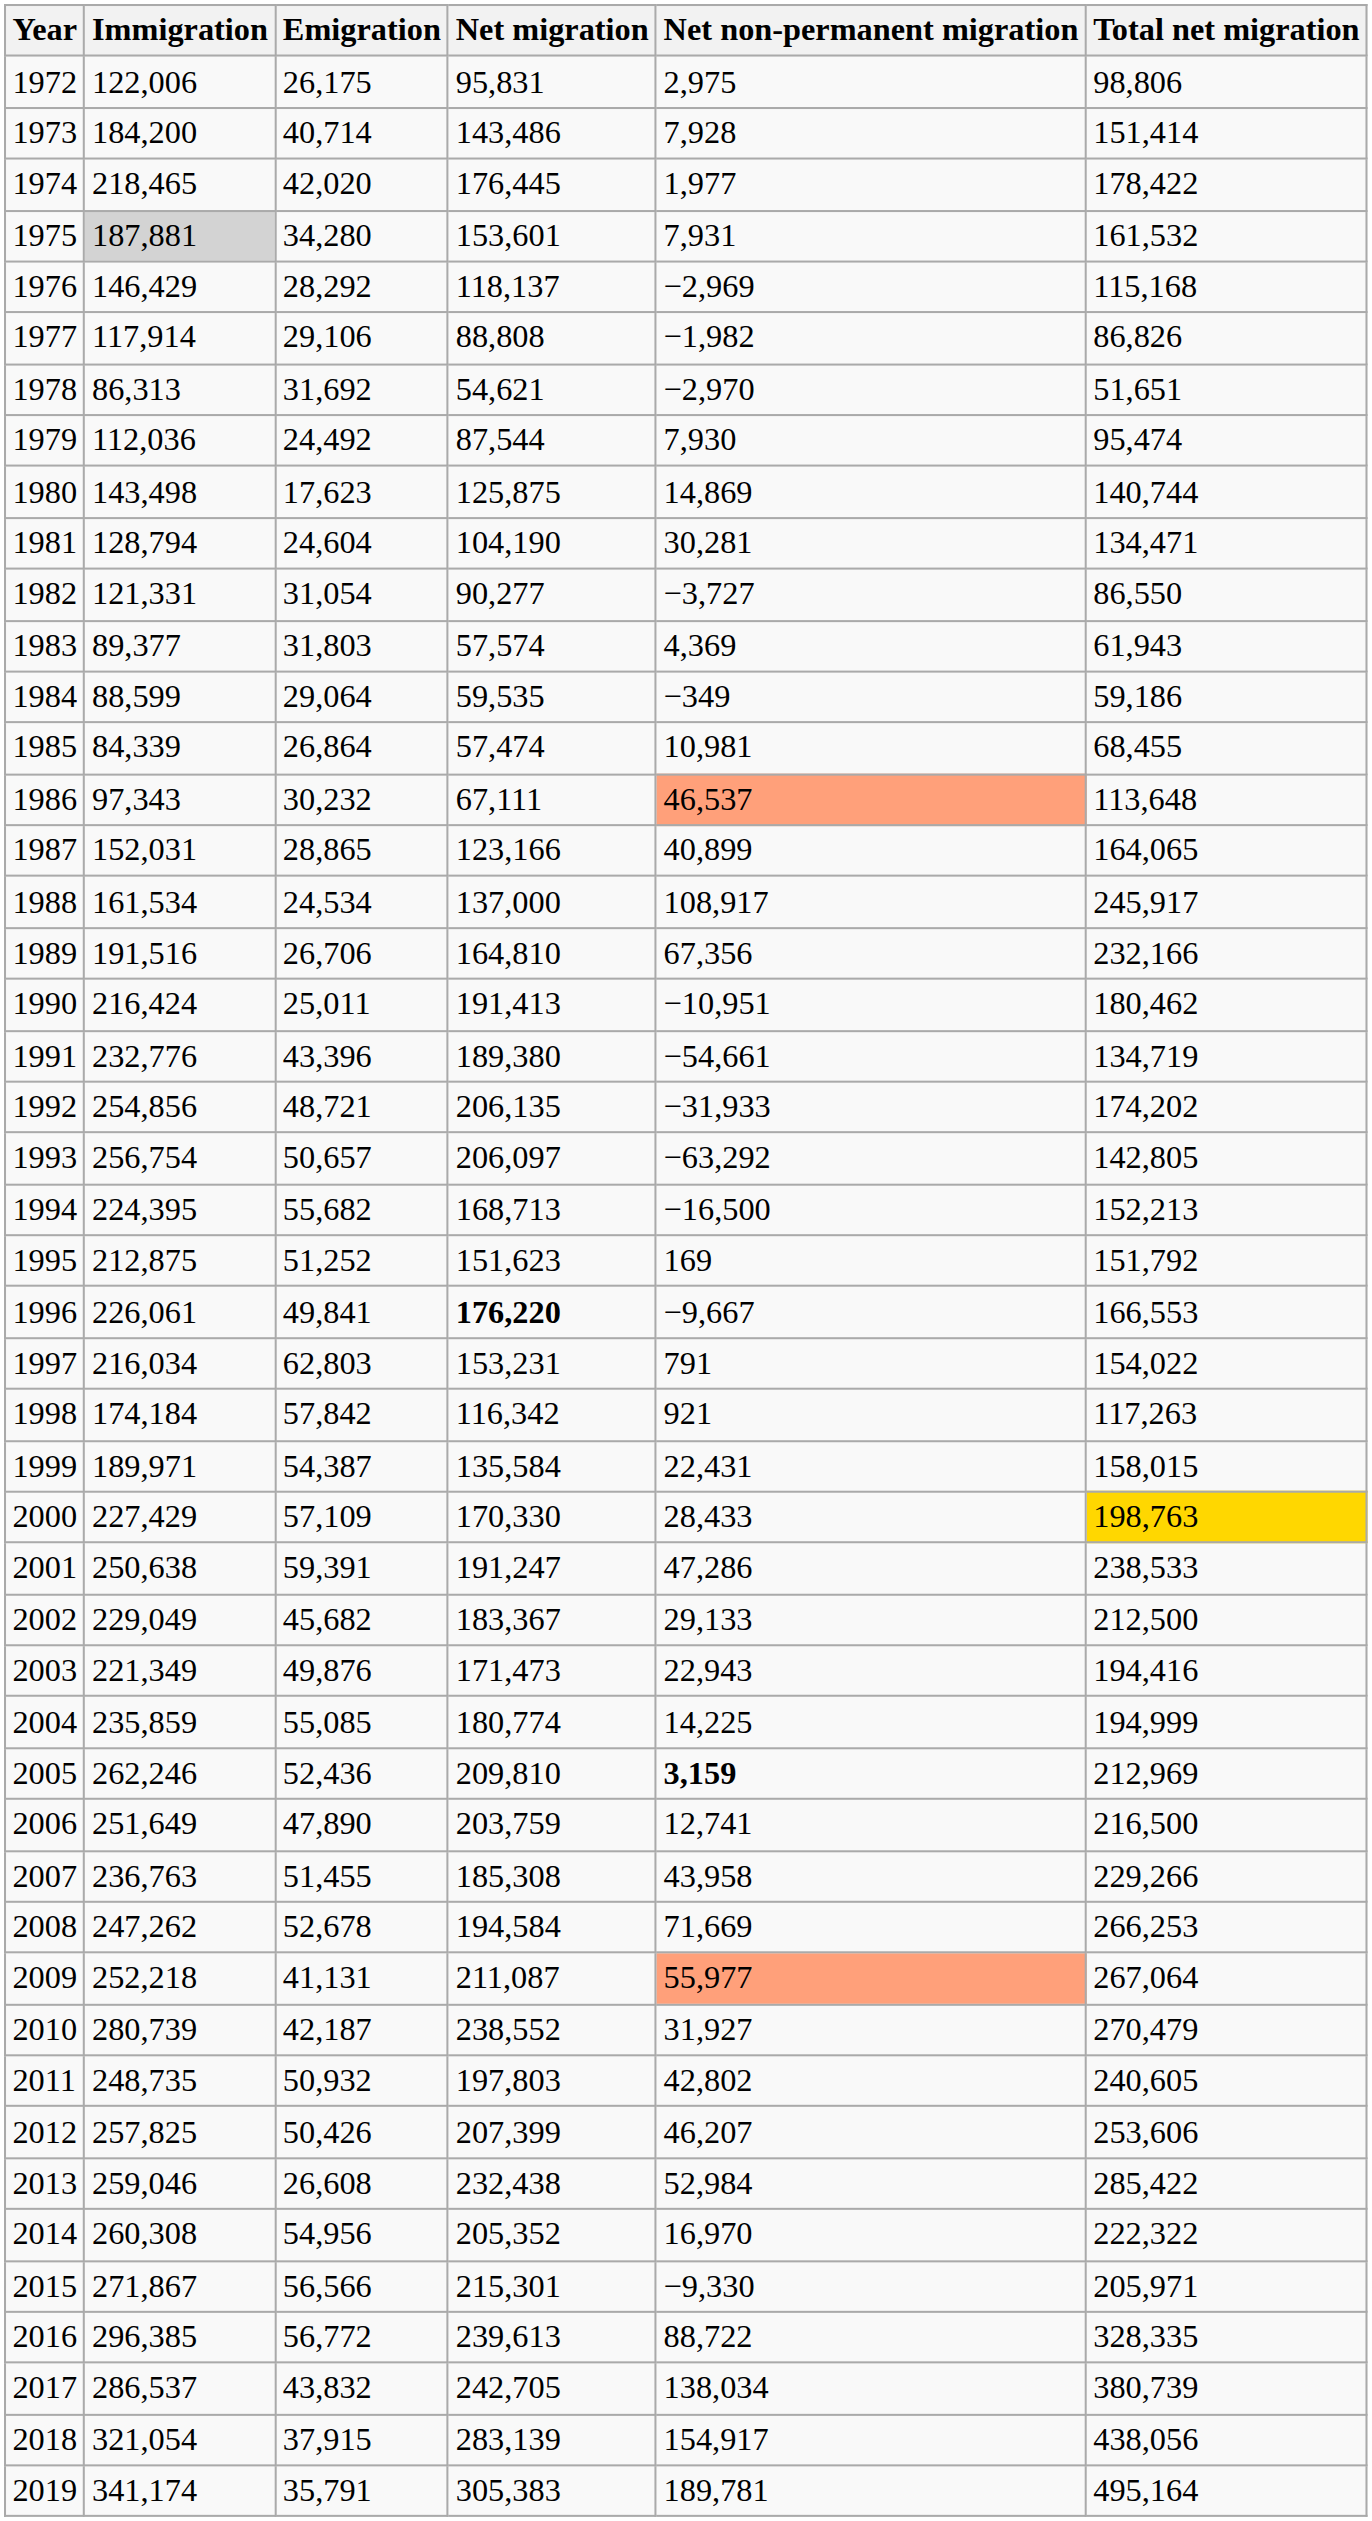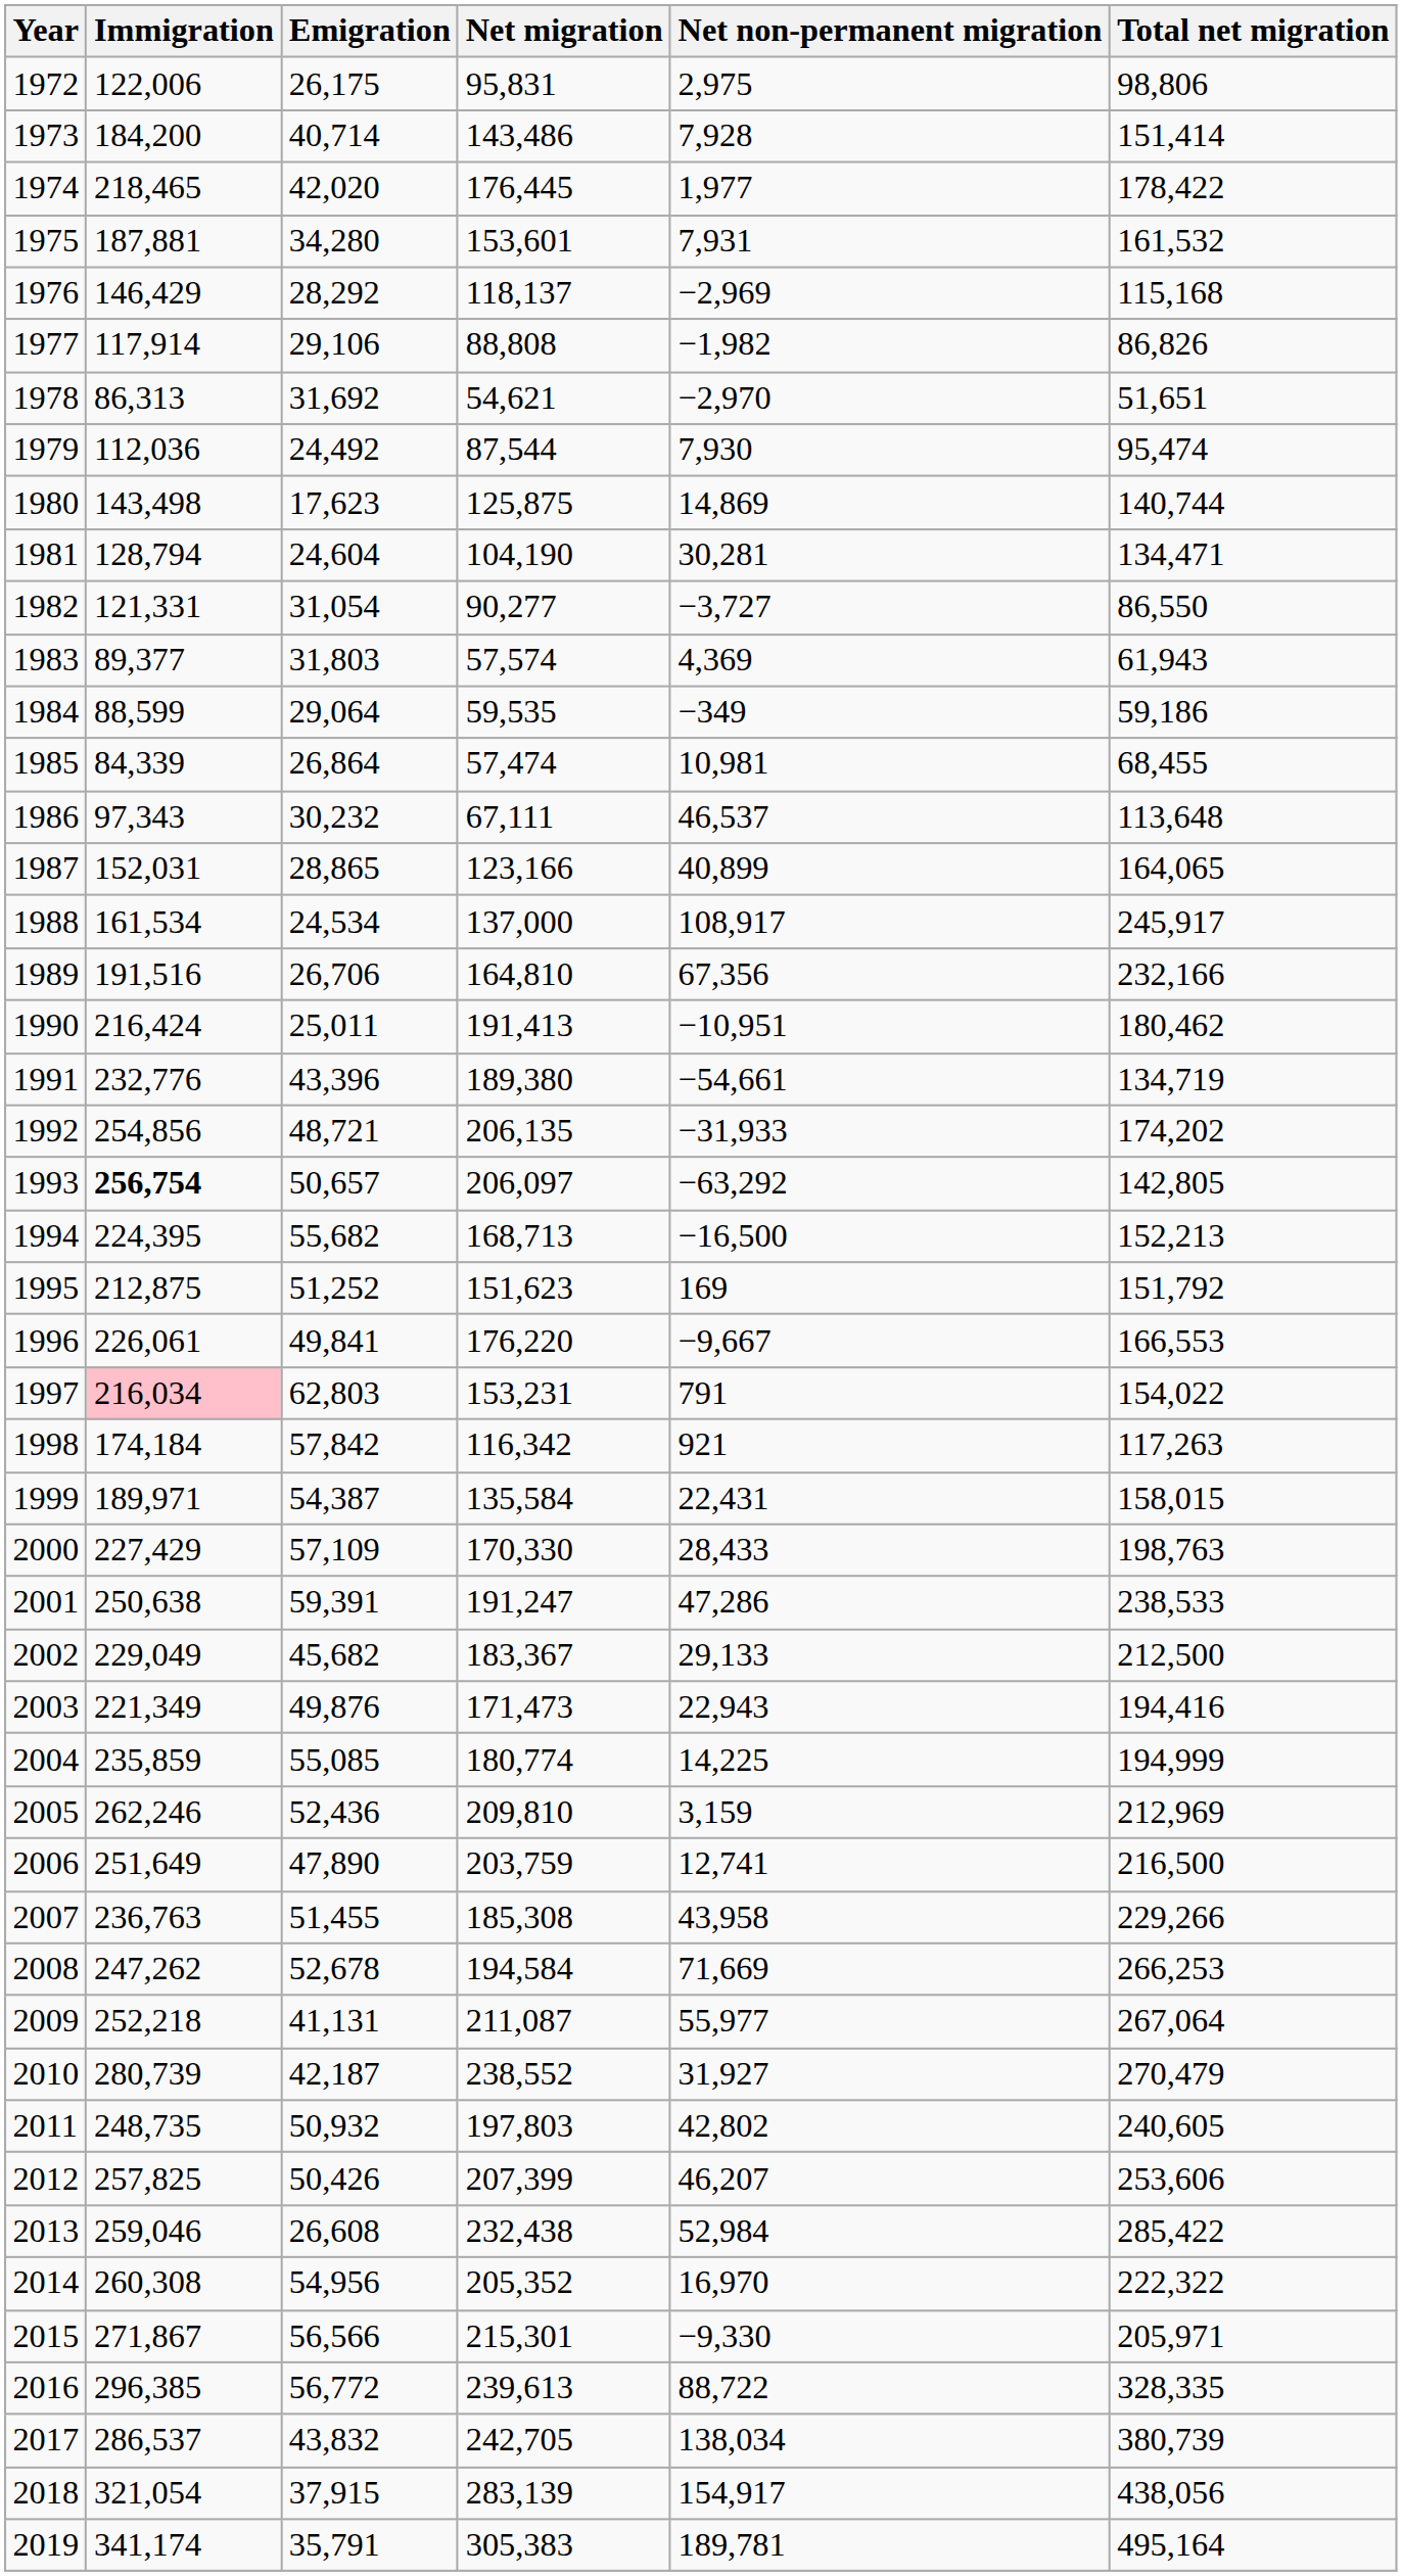 <table class="wikitable sortable">
 <tr>
 <th>Year</th>
 <th>Immigration</th>
 <th>Emigration</th>
 <th>Net migration</th>
 <th>Net non-permanent migration</th>
 <th>Total net migration</th>
 </tr>
 <tr>
 <td>1972</td>
 <td>122,006</td>
 <td>26,175</td>
 <td>95,831</td>
 <td>2,975</td>
 <td>98,806</td>
 </tr>
 <tr>
 <td>1973</td>
 <td>184,200</td>
 <td>40,714</td>
 <td>143,486</td>
 <td>7,928</td>
 <td>151,414</td>
 </tr>
 <tr>
 <td>1974</td>
 <td>218,465</td>
 <td>42,020</td>
 <td>176,445</td>
 <td>1,977</td>
 <td>178,422</td>
 </tr>
 <tr>
 <td>1975</td>
-<td style="background: lightgrey;">187,881</td>
+<td>187,881</td>
 <td>34,280</td>
 <td>153,601</td>
 <td>7,931</td>
 <td>161,532</td>
 </tr>
 <tr>
 <td>1976</td>
 <td>146,429</td>
 <td>28,292</td>
 <td>118,137</td>
 <td>−2,969</td>
 <td>115,168</td>
 </tr>
 <tr>
 <td>1977</td>
 <td>117,914</td>
 <td>29,106</td>
 <td>88,808</td>
 <td>−1,982</td>
 <td>86,826</td>
 </tr>
 <tr>
 <td>1978</td>
 <td>86,313</td>
 <td>31,692</td>
 <td>54,621</td>
 <td>−2,970</td>
 <td>51,651</td>
 </tr>
 <tr>
 <td>1979</td>
 <td>112,036</td>
 <td>24,492</td>
 <td>87,544</td>
 <td>7,930</td>
 <td>95,474</td>
 </tr>
 <tr>
 <td>1980</td>
 <td>143,498</td>
 <td>17,623</td>
 <td>125,875</td>
 <td>14,869</td>
 <td>140,744</td>
 </tr>
 <tr>
 <td>1981</td>
 <td>128,794</td>
 <td>24,604</td>
 <td>104,190</td>
 <td>30,281</td>
 <td>134,471</td>
 </tr>
 <tr>
 <td>1982</td>
 <td>121,331</td>
 <td>31,054</td>
 <td>90,277</td>
 <td>−3,727</td>
 <td>86,550</td>
 </tr>
 <tr>
 <td>1983</td>
 <td>89,377</td>
 <td>31,803</td>
 <td>57,574</td>
 <td>4,369</td>
 <td>61,943</td>
 </tr>
 <tr>
 <td>1984</td>
 <td>88,599</td>
 <td>29,064</td>
 <td>59,535</td>
 <td>−349</td>
 <td>59,186</td>
 </tr>
 <tr>
 <td>1985</td>
 <td>84,339</td>
 <td>26,864</td>
 <td>57,474</td>
 <td>10,981</td>
 <td>68,455</td>
 </tr>
 <tr>
 <td>1986</td>
 <td>97,343</td>
 <td>30,232</td>
 <td>67,111</td>
-<td style="background: lightsalmon;">46,537</td>
+<td>46,537</td>
 <td>113,648</td>
 </tr>
 <tr>
 <td>1987</td>
 <td>152,031</td>
 <td>28,865</td>
 <td>123,166</td>
 <td>40,899</td>
 <td>164,065</td>
 </tr>
 <tr>
 <td>1988</td>
 <td>161,534</td>
 <td>24,534</td>
 <td>137,000</td>
 <td>108,917</td>
 <td>245,917</td>
 </tr>
 <tr>
 <td>1989</td>
 <td>191,516</td>
 <td>26,706</td>
 <td>164,810</td>
 <td>67,356</td>
 <td>232,166</td>
 </tr>
 <tr>
 <td>1990</td>
 <td>216,424</td>
 <td>25,011</td>
 <td>191,413</td>
 <td>−10,951</td>
 <td>180,462</td>
 </tr>
 <tr>
 <td>1991</td>
 <td>232,776</td>
 <td>43,396</td>
 <td>189,380</td>
 <td>−54,661</td>
 <td>134,719</td>
 </tr>
 <tr>
 <td>1992</td>
 <td>254,856</td>
 <td>48,721</td>
 <td>206,135</td>
 <td>−31,933</td>
 <td>174,202</td>
 </tr>
 <tr>
 <td>1993</td>
-<td>256,754</td>
+<td><strong>256,754</strong></td>
 <td>50,657</td>
 <td>206,097</td>
 <td>−63,292</td>
 <td>142,805</td>
 </tr>
 <tr>
 <td>1994</td>
 <td>224,395</td>
 <td>55,682</td>
 <td>168,713</td>
 <td>−16,500</td>
 <td>152,213</td>
 </tr>
 <tr>
 <td>1995</td>
 <td>212,875</td>
 <td>51,252</td>
 <td>151,623</td>
 <td>169</td>
 <td>151,792</td>
 </tr>
 <tr>
 <td>1996</td>
 <td>226,061</td>
 <td>49,841</td>
-<td><strong>176,220</strong></td>
+<td>176,220</td>
 <td>−9,667</td>
 <td>166,553</td>
 </tr>
 <tr>
 <td>1997</td>
-<td>216,034</td>
+<td style="background: pink;">216,034</td>
 <td>62,803</td>
 <td>153,231</td>
 <td>791</td>
 <td>154,022</td>
 </tr>
 <tr>
 <td>1998</td>
 <td>174,184</td>
 <td>57,842</td>
 <td>116,342</td>
 <td>921</td>
 <td>117,263</td>
 </tr>
 <tr>
 <td>1999</td>
 <td>189,971</td>
 <td>54,387</td>
 <td>135,584</td>
 <td>22,431</td>
 <td>158,015</td>
 </tr>
 <tr>
 <td>2000</td>
 <td>227,429</td>
 <td>57,109</td>
 <td>170,330</td>
 <td>28,433</td>
-<td style="background: gold;">198,763</td>
+<td>198,763</td>
 </tr>
 <tr>
 <td>2001</td>
 <td>250,638</td>
 <td>59,391</td>
 <td>191,247</td>
 <td>47,286</td>
 <td>238,533</td>
 </tr>
 <tr>
 <td>2002</td>
 <td>229,049</td>
 <td>45,682</td>
 <td>183,367</td>
 <td>29,133</td>
 <td>212,500</td>
 </tr>
 <tr>
 <td>2003</td>
 <td>221,349</td>
 <td>49,876</td>
 <td>171,473</td>
 <td>22,943</td>
 <td>194,416</td>
 </tr>
 <tr>
 <td>2004</td>
 <td>235,859</td>
 <td>55,085</td>
 <td>180,774</td>
 <td>14,225</td>
 <td>194,999</td>
 </tr>
 <tr>
 <td>2005</td>
 <td>262,246</td>
 <td>52,436</td>
 <td>209,810</td>
-<td><strong>3,159</strong></td>
+<td>3,159</td>
 <td>212,969</td>
 </tr>
 <tr>
 <td>2006</td>
 <td>251,649</td>
 <td>47,890</td>
 <td>203,759</td>
 <td>12,741</td>
 <td>216,500</td>
 </tr>
 <tr>
 <td>2007</td>
 <td>236,763</td>
 <td>51,455</td>
 <td>185,308</td>
 <td>43,958</td>
 <td>229,266</td>
 </tr>
 <tr>
 <td>2008</td>
 <td>247,262</td>
 <td>52,678</td>
 <td>194,584</td>
 <td>71,669</td>
 <td>266,253</td>
 </tr>
 <tr>
 <td>2009</td>
 <td>252,218</td>
 <td>41,131</td>
 <td>211,087</td>
-<td style="background: lightsalmon;">55,977</td>
+<td>55,977</td>
 <td>267,064</td>
 </tr>
 <tr>
 <td>2010</td>
 <td>280,739</td>
 <td>42,187</td>
 <td>238,552</td>
 <td>31,927</td>
 <td>270,479</td>
 </tr>
 <tr>
 <td>2011</td>
 <td>248,735</td>
 <td>50,932</td>
 <td>197,803</td>
 <td>42,802</td>
 <td>240,605</td>
 </tr>
 <tr>
 <td>2012</td>
 <td>257,825</td>
 <td>50,426</td>
 <td>207,399</td>
 <td>46,207</td>
 <td>253,606</td>
 </tr>
 <tr>
 <td>2013</td>
 <td>259,046</td>
 <td>26,608</td>
 <td>232,438</td>
 <td>52,984</td>
 <td>285,422</td>
 </tr>
 <tr>
 <td>2014</td>
 <td>260,308</td>
 <td>54,956</td>
 <td>205,352</td>
 <td>16,970</td>
 <td>222,322</td>
 </tr>
 <tr>
 <td>2015</td>
 <td>271,867</td>
 <td>56,566</td>
 <td>215,301</td>
 <td>−9,330</td>
 <td>205,971</td>
 </tr>
 <tr>
 <td>2016</td>
 <td>296,385</td>
 <td>56,772</td>
 <td>239,613</td>
 <td>88,722</td>
 <td>328,335</td>
 </tr>
 <tr>
 <td>2017</td>
 <td>286,537</td>
 <td>43,832</td>
 <td>242,705</td>
 <td>138,034</td>
 <td>380,739</td>
 </tr>
 <tr>
 <td>2018</td>
 <td>321,054</td>
 <td>37,915</td>
 <td>283,139</td>
 <td>154,917</td>
 <td>438,056</td>
 </tr>
 <tr>
 <td>2019</td>
 <td>341,174</td>
 <td>35,791</td>
 <td>305,383</td>
 <td>189,781</td>
 <td>495,164</td>
 </tr>
 </table>
